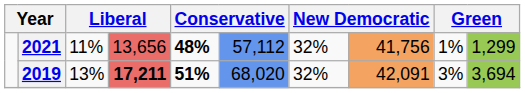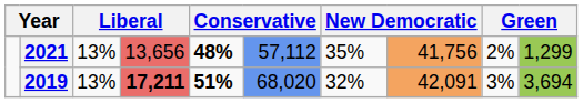 <table class="wikitable" style="width:400; font-size:90%; margin-left:1em;">
 <tr>
 <th colspan="2" scope="col">Year</th>
 <th colspan="2" scope="col"><a href='#'>Liberal</a></th>
 <th colspan="2" scope="col"><a href='#'>Conservative</a></th>
 <th colspan="2" scope="col"><a href='#'>New Democratic</a></th>
 <th colspan="2" scope="col"><a href='#'>Green</a></th>
 </tr>
 <tr>
 <td rowspan="2" style="width: 0.25em; background-color: "></td>
 <th><a href='#'>2021</a></th>
-<td>11%</td>
+<td>13%</td>
 <td style="text-align:right; background:#EA6D6A;">13,656</td>
 <td><strong>48%</strong></td>
 <td style="text-align:right; background:#6495ED;">57,112</td>
-<td>32%</td>
+<td>35%</td>
 <td style="text-align:right; background:#F4A460;">41,756</td>
-<td>1%</td>
+<td>2%</td>
 <td style="text-align:right; background:#99C955;">1,299</td>
 </tr>
 <tr>
 <th><a href='#'>2019</a></th>
 <td>13%</td>
 <td style="text-align:right; background:#EA6D6A;"><strong>17,211</strong></td>
 <td><strong>51%</strong></td>
 <td style="text-align:right; background:#6495ED;">68,020</td>
 <td>32%</td>
 <td style="text-align:right; background:#F4A460;">42,091</td>
 <td>3%</td>
 <td style="text-align:right; background:#99C955;">3,694</td>
 </tr>
 <tr>
 </tr>
 </table>
